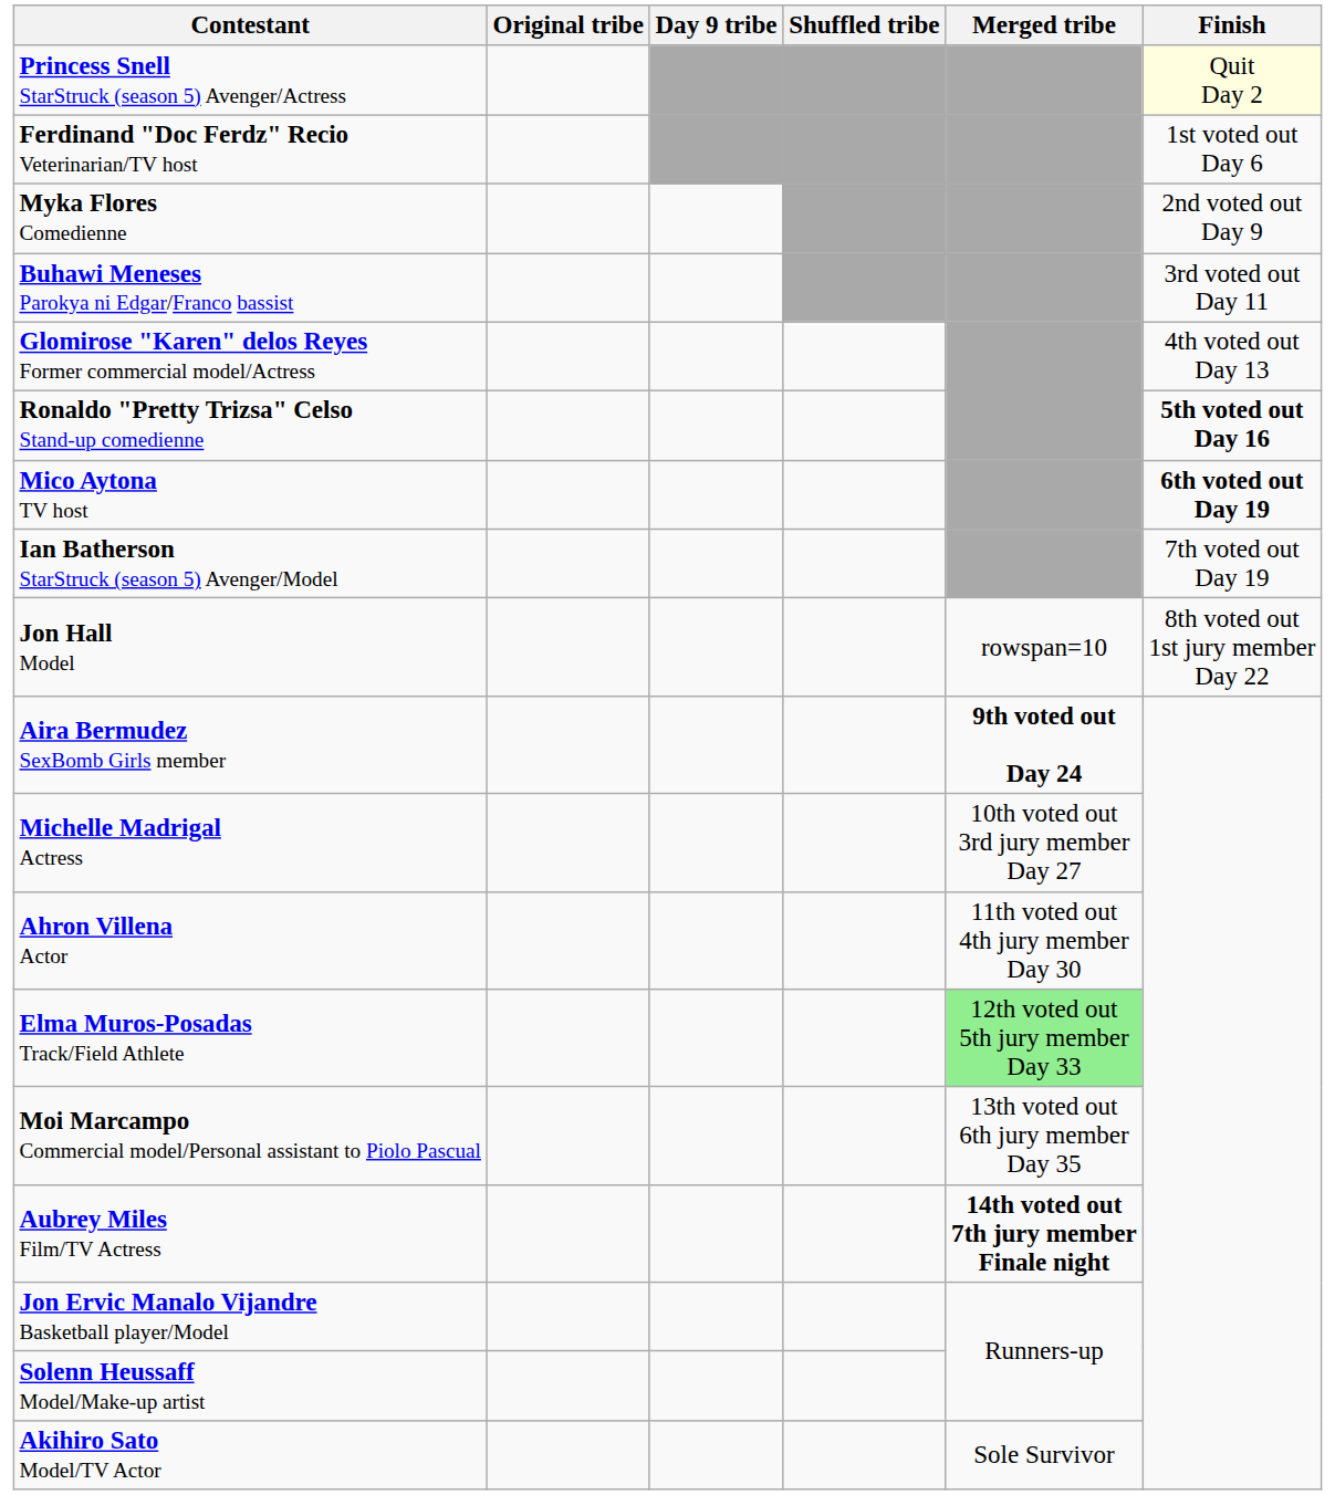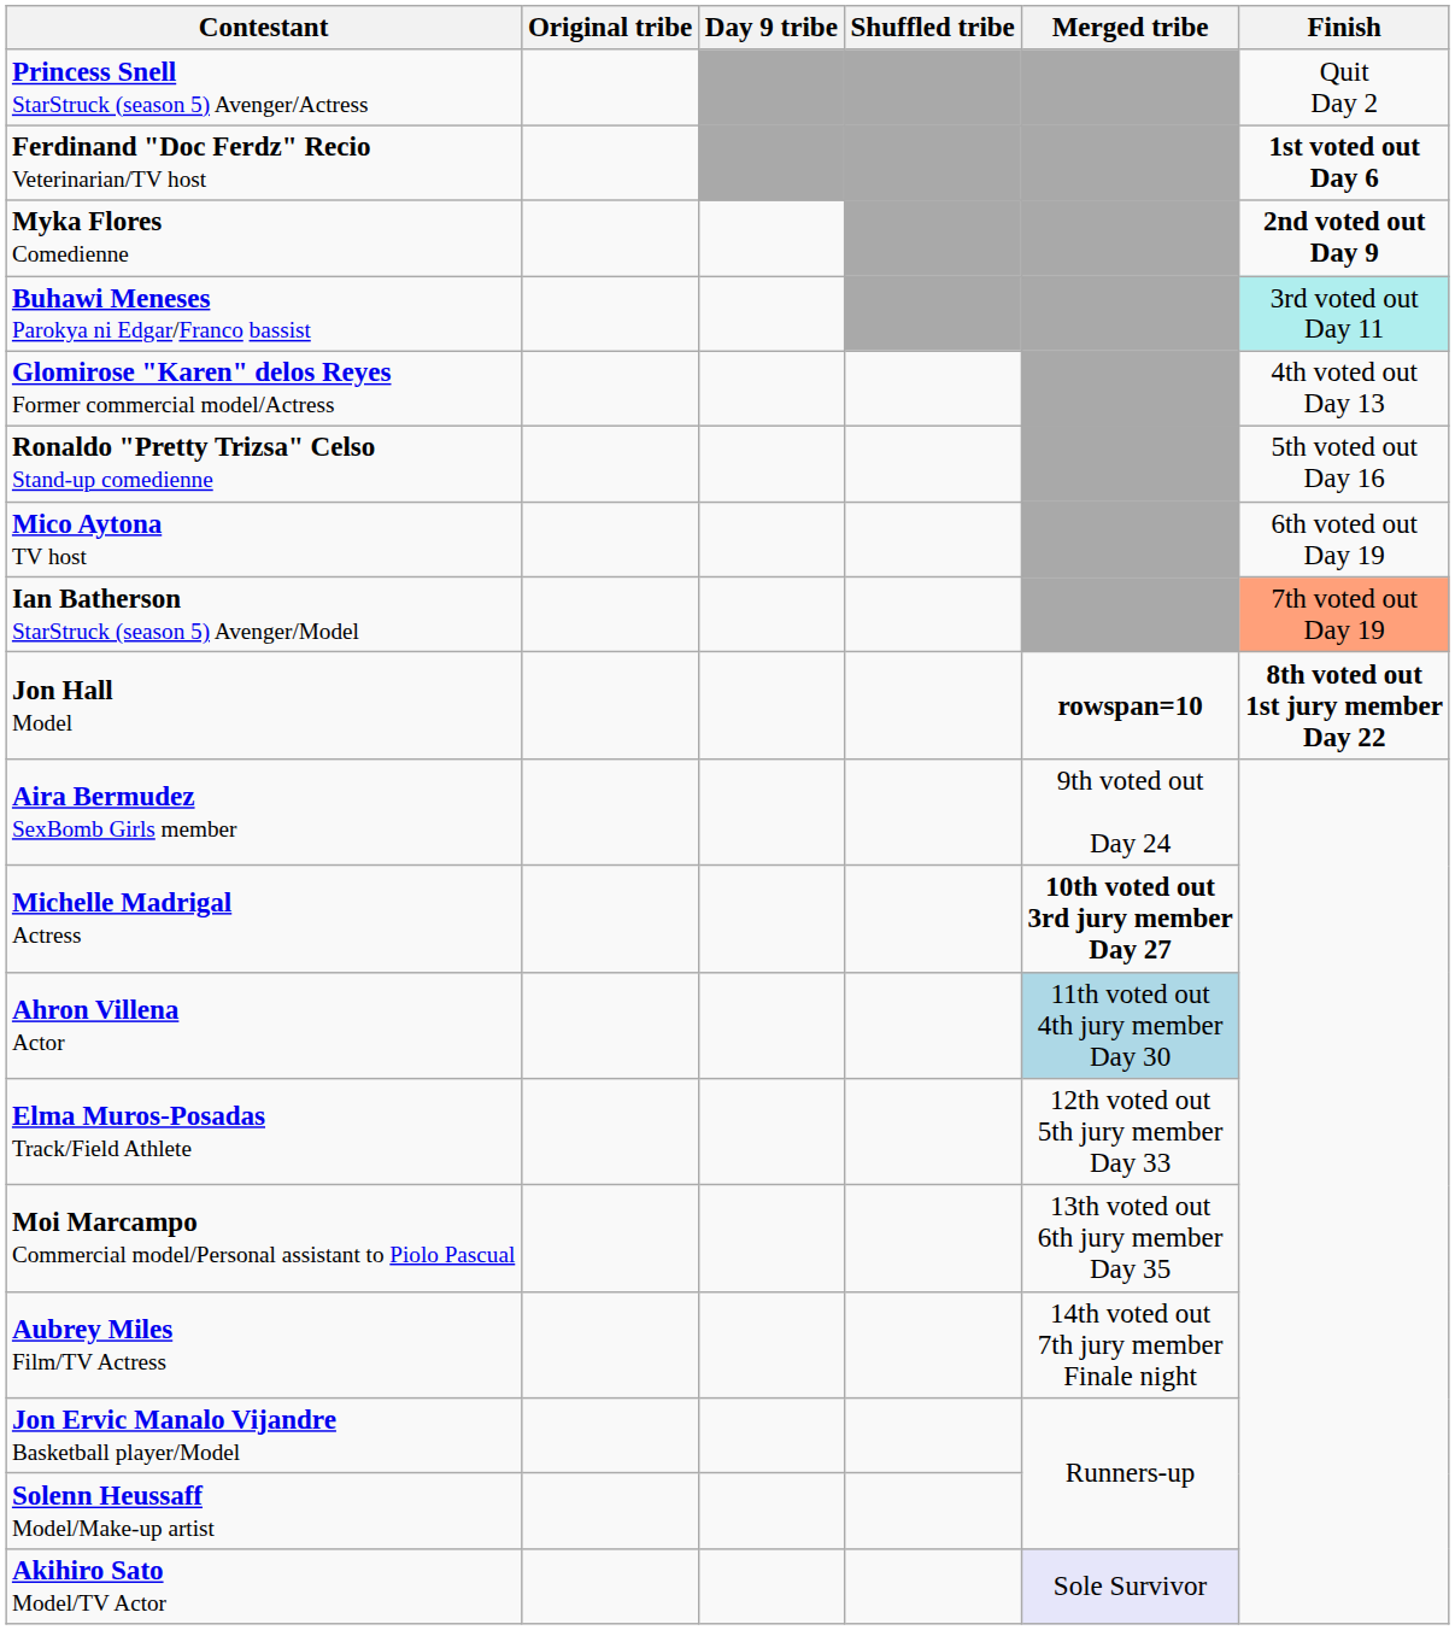 <table class="wikitable sortable nowrap" style="margin:auto; text-align:center">
 <tr>
 <th>Contestant</th>
 <th>Original tribe</th>
 <th>Day 9 tribe</th>
 <th>Shuffled tribe</th>
 <th>Merged tribe</th>
 <th>Finish</th>
 </tr>
 <tr>
 <td align="left"><strong><a href='#'>Princess Snell</a></strong><br><small><a href='#'>StarStruck (season 5)</a> Avenger/Actress</small></td>
 <td></td>
 <td colspan=1 bgcolor="darkgray"></td>
 <td colspan=1 bgcolor="darkgray"></td>
 <td colspan=1 bgcolor="darkgray"></td>
-<td style="background: lightyellow;">Quit<br>Day 2</td>
+<td>Quit<br>Day 2</td>
 </tr>
 <tr>
 <td align="left"><strong>Ferdinand "Doc Ferdz" Recio</strong><br><small>Veterinarian/TV host</small></td>
 <td></td>
 <td colspan=1 bgcolor="darkgray"></td>
 <td colspan=1 bgcolor="darkgray"></td>
 <td colspan=1 bgcolor="darkgray"></td>
-<td>1st voted out<br>Day 6</td>
+<td><strong>1st voted out<br>Day 6</strong></td>
 </tr>
 <tr>
 <td align="left"><strong>Myka Flores</strong><br><small>Comedienne</small></td>
 <td></td>
 <td></td>
 <td colspan=1 bgcolor="darkgray"></td>
 <td colspan=1 bgcolor="darkgray"></td>
-<td>2nd voted out<br>Day 9</td>
+<td><strong>2nd voted out<br>Day 9</strong></td>
 </tr>
 <tr>
 <td align="left"><strong><a href='#'>Buhawi Meneses</a></strong><br><small><a href='#'>Parokya ni Edgar</a>/<a href='#'>Franco</a> <a href='#'>bassist</a></small></td>
 <td></td>
 <td></td>
 <td colspan=1 bgcolor="darkgray"></td>
 <td colspan=1 bgcolor="darkgray"></td>
-<td>3rd voted out<br>Day 11</td>
+<td style="background: paleturquoise;">3rd voted out<br>Day 11</td>
 </tr>
 <tr>
 <td align="left"><strong><a href='#'>Glomirose "Karen" delos Reyes</a></strong><br><small>Former commercial model/Actress</small></td>
 <td></td>
 <td></td>
 <td></td>
 <td colspan=1 bgcolor="darkgray"></td>
 <td>4th voted out<br>Day 13</td>
 </tr>
 <tr>
 <td align="left"><strong>Ronaldo "Pretty Trizsa" Celso</strong><br><small><a href='#'>Stand-up comedienne</a></small></td>
 <td></td>
 <td></td>
 <td></td>
 <td colspan=1 bgcolor="darkgray"></td>
-<td><strong>5th voted out<br>Day 16</strong></td>
+<td>5th voted out<br>Day 16</td>
 </tr>
 <tr>
 <td align="left"><strong><a href='#'>Mico Aytona</a></strong><br><small>TV host</small></td>
 <td></td>
 <td></td>
 <td></td>
 <td colspan=1 bgcolor="darkgray"></td>
-<td><strong>6th voted out<br>Day 19</strong></td>
+<td>6th voted out<br>Day 19</td>
 </tr>
 <tr>
 <td align="left"><strong>Ian Batherson</strong><br><small><a href='#'>StarStruck (season 5)</a> Avenger/Model</small></td>
 <td></td>
 <td></td>
 <td></td>
 <td colspan=1 bgcolor="darkgray"></td>
-<td>7th voted out<br>Day 19</td>
+<td style="background: lightsalmon;">7th voted out<br>Day 19</td>
 </tr>
 <tr>
 <td align="left"><strong>Jon Hall</strong><br><small>Model</small></td>
 <td></td>
 <td></td>
 <td></td>
-<td>rowspan=10 </td>
-<td>8th voted out<br>1st jury member<br>Day 22</td>
+<td><strong>rowspan=10 </strong></td>
+<td><strong>8th voted out<br>1st jury member<br>Day 22</strong></td>
 </tr>
 <tr>
 <td align="left"><strong><a href='#'>Aira Bermudez</a></strong><br><small><a href='#'>SexBomb Girls</a> member</small></td>
 <td></td>
 <td></td>
 <td></td>
-<td><strong>9th voted out<br><br>Day 24</strong></td>
+<td>9th voted out<br><br>Day 24</td>
 </tr>
 <tr>
 <td align="left"><strong><a href='#'>Michelle Madrigal</a></strong><br><small>Actress</small></td>
 <td></td>
 <td></td>
 <td></td>
-<td>10th voted out<br>3rd jury member<br>Day 27</td>
+<td><strong>10th voted out<br>3rd jury member<br>Day 27</strong></td>
 </tr>
 <tr>
 <td align="left"><strong><a href='#'>Ahron Villena</a></strong><br><small>Actor</small></td>
 <td></td>
 <td></td>
 <td></td>
-<td>11th voted out<br>4th jury member<br>Day 30</td>
+<td style="background: lightblue;">11th voted out<br>4th jury member<br>Day 30</td>
 </tr>
 <tr>
 <td align="left"><strong><a href='#'>Elma Muros-Posadas</a></strong><br><small>Track/Field Athlete</small></td>
 <td></td>
 <td></td>
 <td></td>
-<td style="background: lightgreen;">12th voted out<br>5th jury member<br>Day 33</td>
+<td>12th voted out<br>5th jury member<br>Day 33</td>
 </tr>
 <tr>
 <td align="left"><strong>Moi Marcampo</strong><br><small>Commercial model/Personal assistant to <a href='#'>Piolo Pascual</a></small></td>
 <td></td>
 <td></td>
 <td></td>
 <td>13th voted out<br>6th jury member<br>Day 35</td>
 </tr>
 <tr>
 <td align="left"><strong><a href='#'>Aubrey Miles</a></strong><br><small>Film/TV Actress </small></td>
 <td></td>
 <td></td>
 <td></td>
-<td><strong>14th voted out<br>7th jury member<br>Finale night</strong></td>
+<td>14th voted out<br>7th jury member<br>Finale night</td>
 </tr>
 <tr>
 <td align="left"><strong><a href='#'>Jon Ervic Manalo Vijandre</a></strong><br><small>Basketball player/Model</small></td>
 <td></td>
 <td></td>
 <td></td>
 <td rowspan="2">Runners-up</td>
 </tr>
 <tr>
 <td align="left"><strong><a href='#'>Solenn Heussaff</a></strong><br><small>Model/Make-up artist</small></td>
 <td></td>
 <td></td>
 <td></td>
 </tr>
 <tr>
 <td align="left"><strong><a href='#'>Akihiro Sato</a></strong><br><small>Model/TV Actor</small></td>
 <td></td>
 <td></td>
 <td></td>
-<td>Sole Survivor</td>
+<td style="background: lavender;">Sole Survivor</td>
 </tr>
 </table>
